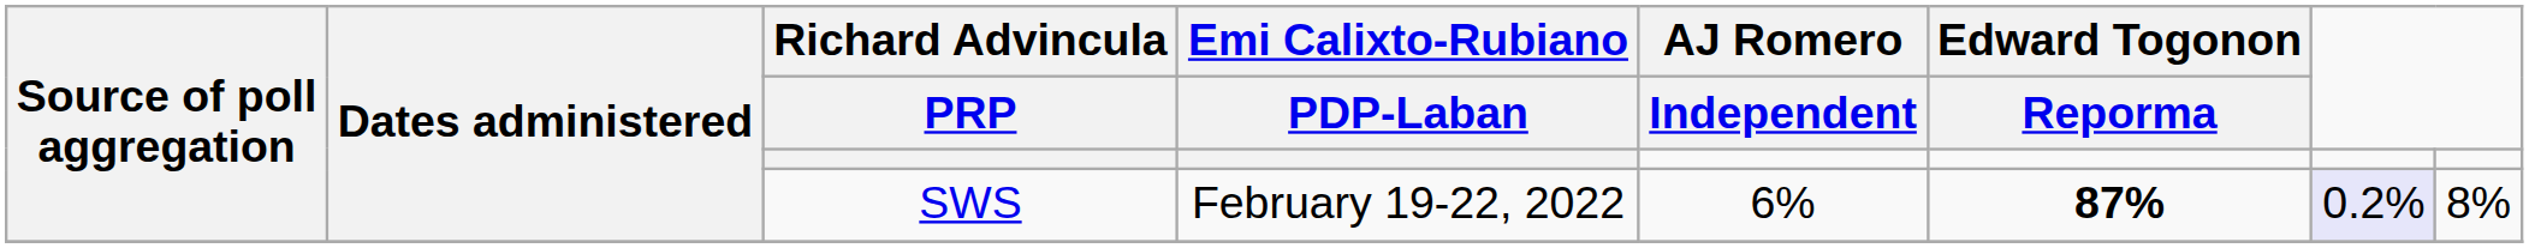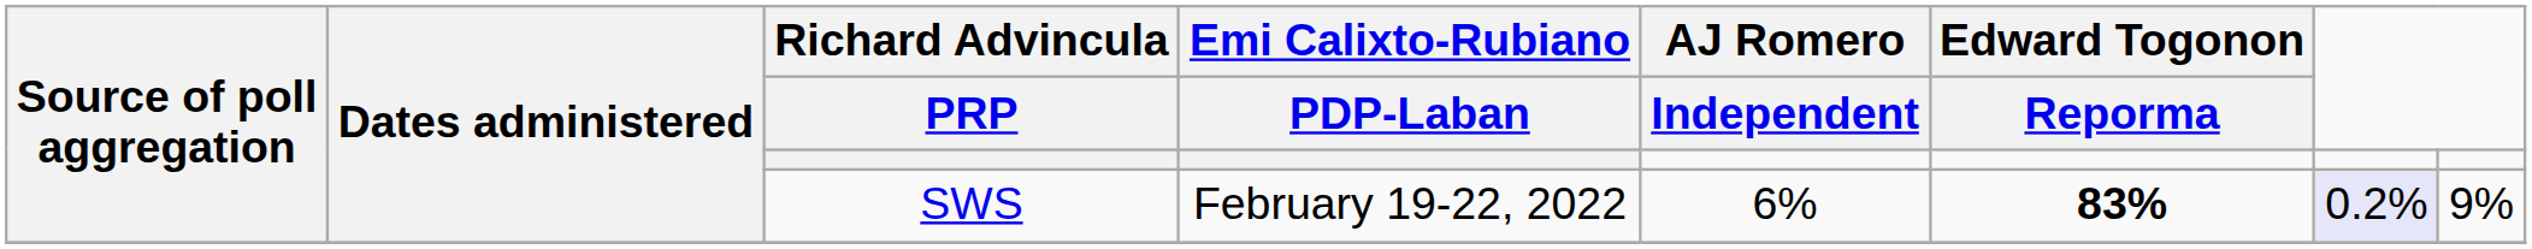 <table class="wikitable sortable" style="text-align:center">
 <tr>
 <th rowspan=4>Source of poll<br>aggregation</th>
 <th rowspan=4>Dates administered</th>
 <th>Richard Advincula</th>
 <th><strong><a href='#'>Emi Calixto-Rubiano</a></strong></th>
 <th>AJ Romero</th>
 <th>Edward Togonon</th>
 </tr>
 <tr>
 <th><a href='#'>PRP</a></th>
 <th><a href='#'>PDP-Laban</a></th>
 <th><a href='#'>Independent</a></th>
 <th><a href='#'>Reporma</a></th>
 </tr>
 <tr>
 <th></th>
 <th></th>
 <td style="background-color:"></td>
 <td style="background-color:"></td>
 <td style="background-color:"></td>
 <td style="background-color:"></td>
 </tr>
 <tr>
 <td><a href='#'>SWS</a></td>
 <td>February 19-22, 2022</td>
 <td>6%</td>
-<td style="background-color:"><strong>87%</strong></td>
+<td style="background-color:"><strong>83%</strong></td>
 <td style="background: lavender;">0.2%</td>
-<td>8%</td>
+<td>9%</td>
 </tr>
 <tr>
 </tr>
 </table>
